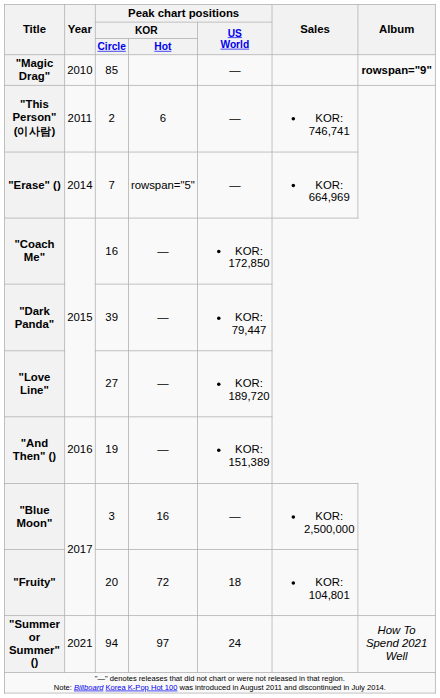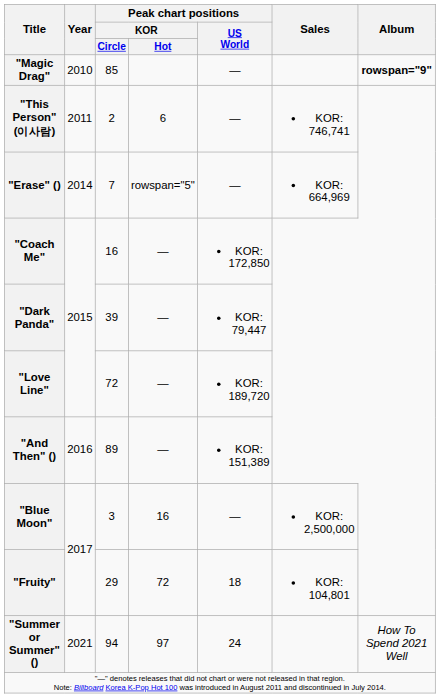 <table class="wikitable plainrowheaders" style="text-align:center;">
 <tr>
 <th scope="col" rowspan="3" style="width:18em">Title</th>
 <th scope="col" rowspan="3" style="width:2em">Year</th>
 <th scope="col" colspan="3">Peak chart positions</th>
 <th scope="col" rowspan="3" style="width:12em;">Sales</th>
 <th scope="col" rowspan="3" style="width:12em">Album</th>
 </tr>
 <tr>
 <th scope="col" colspan="2" style="font-size:90%; width:3em">KOR</th>
 <th scope="col" rowspan="2" style="font-size:90%; width:3em"><a href='#'>US<br>World</a><br></th>
 </tr>
 <tr>
 <th scope="col" style="width:2.5em;font-size:90%"><a href='#'>Circle</a><br></th>
 <th scope="col" style="width:2.5em;font-size:90%;"><a href='#'>Hot</a><br></th>
 </tr>
 <tr>
 <th scope="row">"Magic Drag" <br></th>
 <td>2010</td>
 <td>85</td>
 <td></td>
 <td>—</td>
 <td></td>
 <td><strong>rowspan="9" </strong></td>
 </tr>
 <tr>
 <th scope="row">"This Person" (이사람) <br></th>
 <td>2011</td>
 <td>2</td>
 <td>6</td>
 <td>—</td>
 <td><br><ul><li>KOR: 746,741</li></ul></td>
 </tr>
 <tr>
 <th scope="row">"Erase" () <br></th>
 <td>2014</td>
 <td>7</td>
 <td>rowspan="5" </td>
 <td>—</td>
 <td><br><ul><li>KOR: 664,969</li></ul></td>
 </tr>
 <tr>
 <th scope="row">"Coach Me" <br></th>
 <td rowspan="3">2015</td>
 <td>16</td>
 <td>—</td>
 <td><br><ul><li>KOR: 172,850</li></ul></td>
 </tr>
 <tr>
 <th scope="row">"Dark Panda" <br></th>
 <td>39</td>
 <td>—</td>
 <td><br><ul><li>KOR: 79,447</li></ul></td>
 </tr>
 <tr>
 <th scope="row">"Love Line" <br></th>
-<td>27</td>
+<td>72</td>
 <td>—</td>
 <td><br><ul><li>KOR: 189,720</li></ul></td>
 </tr>
 <tr>
 <th scope="row">"And Then" () <br></th>
 <td>2016</td>
-<td>19</td>
+<td>89</td>
 <td>—</td>
 <td><br><ul><li>KOR: 151,389</li></ul></td>
 </tr>
 <tr>
 <th scope="row">"Blue Moon" <br></th>
 <td rowspan="2">2017</td>
 <td>3</td>
 <td>16</td>
 <td>—</td>
 <td><br><ul><li>KOR: 2,500,000</li></ul></td>
 </tr>
 <tr>
 <th scope="row">"Fruity" <br></th>
-<td>20</td>
+<td>29</td>
 <td>72</td>
 <td>18</td>
 <td><br><ul><li>KOR: 104,801</li></ul></td>
 </tr>
 <tr>
 <th scope="row">"Summer or Summer" () <br></th>
 <td>2021</td>
 <td>94</td>
 <td>97</td>
 <td>24</td>
 <td></td>
 <td><em>How To Spend 2021 Well</em></td>
 </tr>
 <tr>
 <td colspan="8" style="text-align:center; font-size:8pt;">"—" denotes releases that did not chart or were not released in that region.<br>Note: <em><a href='#'>Billboard</a></em> <a href='#'>Korea K-Pop Hot 100</a> was introduced in August 2011 and discontinued in July 2014.</td>
 </tr>
 </table>
